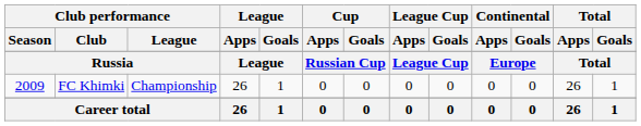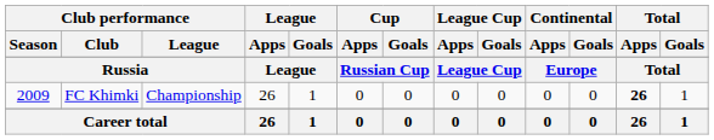 <table class="wikitable" style="text-align:center">
 <tr>
 <th colspan=3>Club performance</th>
 <th colspan=2>League</th>
 <th colspan=2>Cup</th>
 <th colspan=2>League Cup</th>
 <th colspan=2>Continental</th>
 <th colspan=2>Total</th>
 </tr>
 <tr>
 <th>Season</th>
 <th>Club</th>
 <th>League</th>
 <th>Apps</th>
 <th>Goals</th>
 <th>Apps</th>
 <th>Goals</th>
 <th>Apps</th>
 <th>Goals</th>
 <th>Apps</th>
 <th>Goals</th>
 <th>Apps</th>
 <th>Goals</th>
 </tr>
 <tr>
 </tr>
 <tr>
 <th colspan=3>Russia</th>
 <th colspan=2>League</th>
 <th colspan=2><a href='#'>Russian Cup</a></th>
 <th colspan=2><a href='#'>League Cup</a></th>
 <th colspan=2><a href='#'>Europe</a></th>
 <th colspan=2>Total</th>
 </tr>
 <tr>
 <td><a href='#'>2009</a></td>
 <td><a href='#'>FC Khimki</a></td>
 <td><a href='#'>Championship</a></td>
 <td>26</td>
 <td>1</td>
 <td>0</td>
 <td>0</td>
 <td>0</td>
 <td>0</td>
 <td>0</td>
 <td>0</td>
-<td>26</td>
+<td><strong>26</strong></td>
 <td>1</td>
 </tr>
 <tr>
 </tr>
 <tr>
 <th colspan=3>Career total</th>
 <th>26</th>
 <th>1</th>
 <th>0</th>
 <th>0</th>
 <th>0</th>
 <th>0</th>
 <th>0</th>
 <th>0</th>
 <th>26</th>
 <th>1</th>
 </tr>
 </table>
